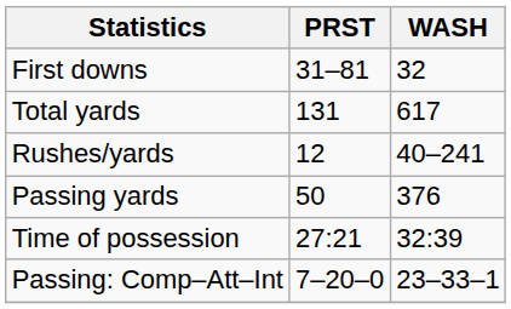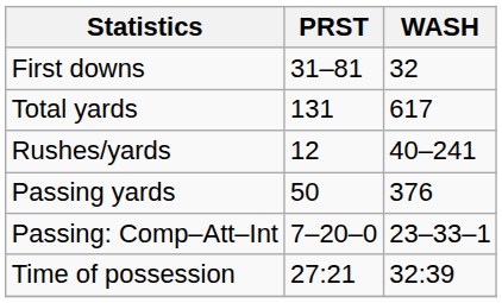 <table class="wikitable" style="float: left;">
 <tr>
 <th>Statistics</th>
 <th>PRST</th>
 <th>WASH</th>
 </tr>
 <tr>
 <td>First downs</td>
 <td>31–81</td>
 <td>32</td>
 </tr>
 <tr>
 <td>Total yards</td>
 <td>131</td>
 <td>617</td>
 </tr>
 <tr>
 <td>Rushes/yards</td>
 <td>12</td>
 <td>40–241</td>
 </tr>
 <tr>
 <td>Passing yards</td>
 <td>50</td>
 <td>376</td>
 </tr>
 <tr>
+<td>Passing: Comp–Att–Int</td>
+<td>7–20–0</td>
+<td>23–33–1</td>
+</tr>
+<tr>
 <td>Time of possession</td>
 <td>27:21</td>
 <td>32:39</td>
 </tr>
 <tr>
-<td>Passing: Comp–Att–Int</td>
-<td>7–20–0</td>
-<td>23–33–1</td>
-</tr>
-<tr>
 </tr>
 </table>
